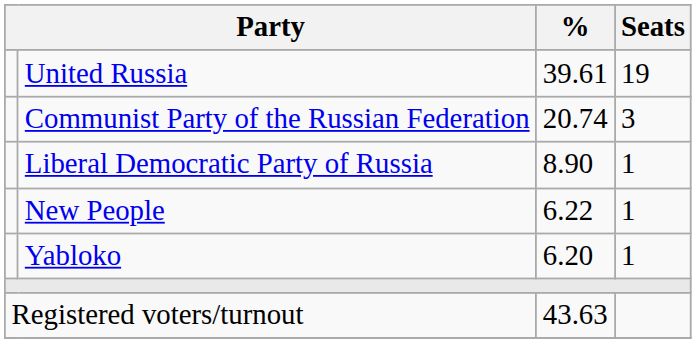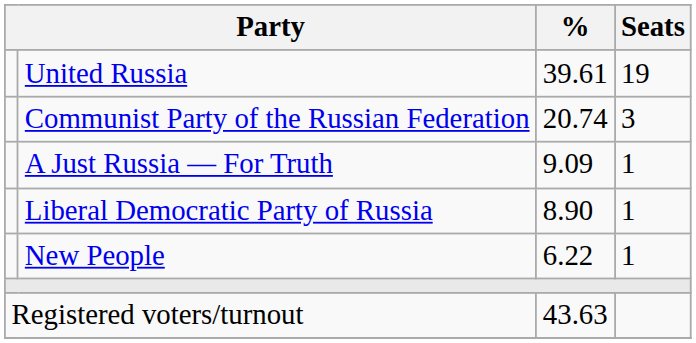 <table class="wikitable">
 <tr>
 <th colspan=2>Party</th>
 <th>%</th>
 <th>Seats</th>
 </tr>
 <tr>
 <td style="background:"></td>
 <td><a href='#'>United Russia</a></td>
 <td>39.61</td>
 <td>19</td>
 </tr>
 <tr>
 <td style="background:"></td>
 <td><a href='#'>Communist Party of the Russian Federation</a></td>
 <td>20.74</td>
 <td>3</td>
 </tr>
 <tr>
 <td style="background:"></td>
+<td><a href='#'>A Just Russia — For Truth</a></td>
+<td>9.09</td>
+<td>1</td>
+</tr>
+<tr>
+<td style="background:"></td>
 <td><a href='#'>Liberal Democratic Party of Russia</a></td>
 <td>8.90</td>
 <td>1</td>
 </tr>
 <tr>
 <td style="background:"></td>
 <td><a href='#'>New People</a></td>
 <td>6.22</td>
-<td>1</td>
-</tr>
-<tr>
-<td style="background:"></td>
-<td><a href='#'>Yabloko</a></td>
-<td>6.20</td>
 <td>1</td>
 </tr>
 <tr>
 <td colspan=4 style="background:#E9E9E9;"></td>
 </tr>
 <tr>
 <td align=left colspan=2>Registered voters/turnout</td>
 <td>43.63</td>
 <td></td>
 </tr>
 <tr>
 </tr>
 </table>
